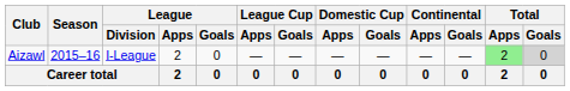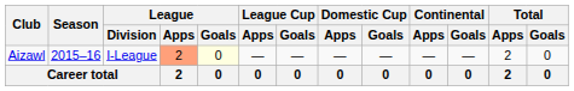 <table class="wikitable" style="text-align: center;">
 <tr>
 <th rowspan="2">Club</th>
 <th rowspan="2">Season</th>
 <th colspan="3">League</th>
 <th colspan="2">League Cup</th>
 <th colspan="2">Domestic Cup</th>
 <th colspan="2">Continental</th>
 <th colspan="2">Total</th>
 </tr>
 <tr>
 <th>Division</th>
 <th>Apps</th>
 <th>Goals</th>
 <th>Apps</th>
 <th>Goals</th>
 <th>Apps</th>
 <th>Goals</th>
 <th>Apps</th>
 <th>Goals</th>
 <th>Apps</th>
 <th>Goals</th>
 </tr>
 <tr>
 <td rowspan="1"><a href='#'>Aizawl</a></td>
 <td><a href='#'>2015–16</a></td>
 <td><a href='#'>I-League</a></td>
-<td>2</td>
-<td>0</td>
+<td style="background: lightsalmon;">2</td>
+<td style="background: lightyellow;">0</td>
 <td>—</td>
 <td>—</td>
 <td>—</td>
 <td>—</td>
 <td>—</td>
 <td>—</td>
-<td style="background: lightgreen;">2</td>
-<td style="background: lightgrey;">0</td>
+<td>2</td>
+<td>0</td>
 </tr>
 <tr>
 <th colspan="3">Career total</th>
 <th>2</th>
 <th>0</th>
 <th>0</th>
 <th>0</th>
 <th>0</th>
 <th>0</th>
 <th>0</th>
 <th>0</th>
 <th>2</th>
 <th>0</th>
 </tr>
 </table>
